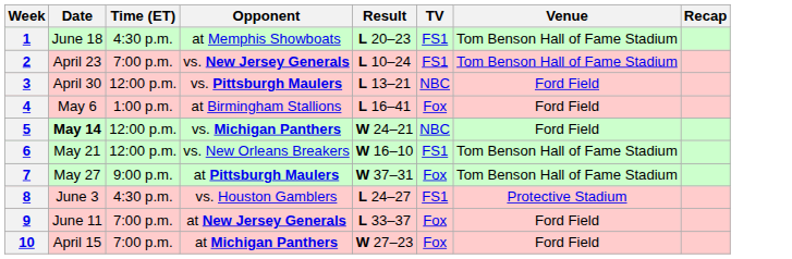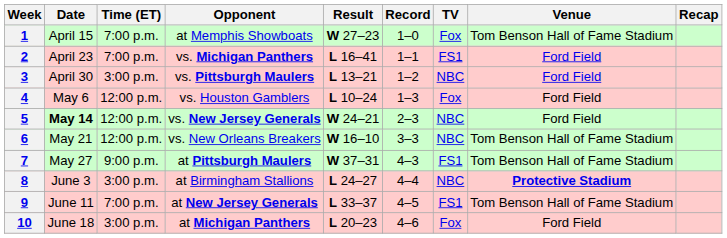 <table class="wikitable" style="text-align:center">
 <tr>
 <th>Week</th>
 <th>Date</th>
 <th>Time (ET)</th>
 <th>Opponent</th>
 <th>Result</th>
+<th>Record</th>
 <th>TV</th>
 <th>Venue</th>
 <th>Recap</th>
 </tr>
 <tr style="background:#ccffcc">
 <th><a href='#'>1</a></th>
-<td>June 18</td>
-<td>4:30 p.m.</td>
+<td>April 15</td>
+<td>7:00 p.m.</td>
 <td>at <a href='#'>Memphis Showboats</a></td>
-<td><strong>L</strong> 20–23</td>
-<td><a href='#'>FS1</a></td>
+<td><strong>W</strong> 27–23</td>
+<td>1–0</td>
+<td><a href='#'>Fox</a></td>
 <td>Tom Benson Hall of Fame Stadium</td>
 <td></td>
 </tr>
 <tr style="background:#ffcccc">
 <th><a href='#'>2</a></th>
 <td>April 23</td>
 <td>7:00 p.m.</td>
-<td>vs. <strong><a href='#'>New Jersey Generals</a></strong></td>
-<td><strong>L</strong> 10–24</td>
+<td>vs. <strong><a href='#'>Michigan Panthers</a></strong></td>
+<td><strong>L</strong> 16–41</td>
+<td>1–1</td>
 <td><a href='#'>FS1</a></td>
-<td><a href='#'>Tom Benson Hall of Fame Stadium</a></td>
+<td><a href='#'>Ford Field</a></td>
 <td></td>
 </tr>
 <tr style="background:#ffcccc">
 <th><a href='#'>3</a></th>
 <td>April 30</td>
-<td>12:00 p.m.</td>
+<td>3:00 p.m.</td>
 <td>vs. <strong><a href='#'>Pittsburgh Maulers</a></strong></td>
 <td><strong>L</strong> 13–21</td>
+<td>1–2</td>
 <td><a href='#'>NBC</a></td>
 <td><a href='#'>Ford Field</a></td>
 <td></td>
 </tr>
 <tr style="background:#ffcccc">
 <th><a href='#'>4</a></th>
 <td>May 6</td>
-<td>1:00 p.m.</td>
-<td>at <a href='#'>Birmingham Stallions</a></td>
-<td><strong>L</strong> 16–41</td>
+<td>12:00 p.m.</td>
+<td>vs. <a href='#'>Houston Gamblers</a></td>
+<td><strong>L</strong> 10–24</td>
+<td>1–3</td>
 <td><a href='#'>Fox</a></td>
 <td>Ford Field</td>
 <td></td>
 </tr>
 <tr style="background:#ccffcc">
 <th><a href='#'>5</a></th>
 <td><strong>May 14</strong></td>
 <td>12:00 p.m.</td>
-<td>vs. <strong><a href='#'>Michigan Panthers</a></strong></td>
+<td>vs. <strong><a href='#'>New Jersey Generals</a></strong></td>
 <td><strong>W</strong> 24–21</td>
+<td>2–3</td>
 <td><a href='#'>NBC</a></td>
 <td>Ford Field</td>
 <td></td>
 </tr>
 <tr style="background:#ccffcc">
 <th><a href='#'>6</a></th>
 <td>May 21</td>
 <td>12:00 p.m.</td>
 <td>vs. <a href='#'>New Orleans Breakers</a></td>
 <td><strong>W</strong> 16–10</td>
-<td><a href='#'>FS1</a></td>
+<td>3–3</td>
+<td><a href='#'>NBC</a></td>
 <td>Tom Benson Hall of Fame Stadium</td>
 <td></td>
 </tr>
 <tr style="background:#ccffcc">
 <th><a href='#'>7</a></th>
 <td>May 27</td>
 <td>9:00 p.m.</td>
 <td>at <strong><a href='#'>Pittsburgh Maulers</a></strong></td>
 <td><strong>W</strong> 37–31</td>
-<td><a href='#'>Fox</a></td>
+<td>4–3</td>
+<td><a href='#'>FS1</a></td>
 <td>Tom Benson Hall of Fame Stadium</td>
 <td></td>
 </tr>
 <tr style="background:#ffcccc">
 <th><a href='#'>8</a></th>
 <td>June 3</td>
-<td>4:30 p.m.</td>
-<td>vs. <a href='#'>Houston Gamblers</a></td>
+<td>3:00 p.m.</td>
+<td>at <a href='#'>Birmingham Stallions</a></td>
 <td><strong>L</strong> 24–27</td>
-<td><a href='#'>FS1</a></td>
-<td><a href='#'>Protective Stadium</a></td>
+<td>4–4</td>
+<td><a href='#'>NBC</a></td>
+<td><strong><a href='#'>Protective Stadium</a></strong></td>
 <td></td>
 </tr>
 <tr style="background:#ffcccc">
 <th><a href='#'>9</a></th>
 <td>June 11</td>
 <td>7:00 p.m.</td>
 <td>at <strong><a href='#'>New Jersey Generals</a></strong></td>
 <td><strong>L</strong> 33–37</td>
-<td><a href='#'>Fox</a></td>
-<td>Ford Field</td>
+<td>4–5</td>
+<td><a href='#'>FS1</a></td>
+<td>Tom Benson Hall of Fame Stadium</td>
 <td></td>
 </tr>
 <tr style="background:#ffcccc">
 <th><a href='#'>10</a></th>
-<td>April 15</td>
-<td>7:00 p.m.</td>
+<td>June 18</td>
+<td>3:00 p.m.</td>
 <td>at <strong><a href='#'>Michigan Panthers</a></strong></td>
-<td><strong>W</strong> 27–23</td>
+<td><strong>L</strong> 20–23</td>
+<td>4–6</td>
 <td><a href='#'>Fox</a></td>
 <td>Ford Field</td>
 <td></td>
 </tr>
 </table>
